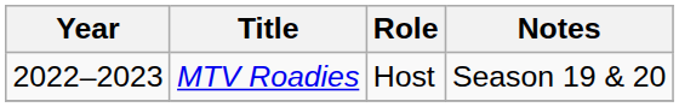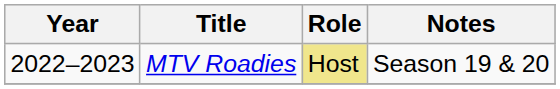 <table class="wikitable sortable">
 <tr>
 <th>Year</th>
 <th>Title</th>
 <th>Role</th>
 <th>Notes</th>
 </tr>
 <tr>
 <td>2022–2023</td>
 <td><em><a href='#'>MTV Roadies</a></em></td>
-<td>Host</td>
+<td style="background: khaki;">Host</td>
 <td>Season 19 & 20</td>
 </tr>
 <tr>
 </tr>
 </table>
